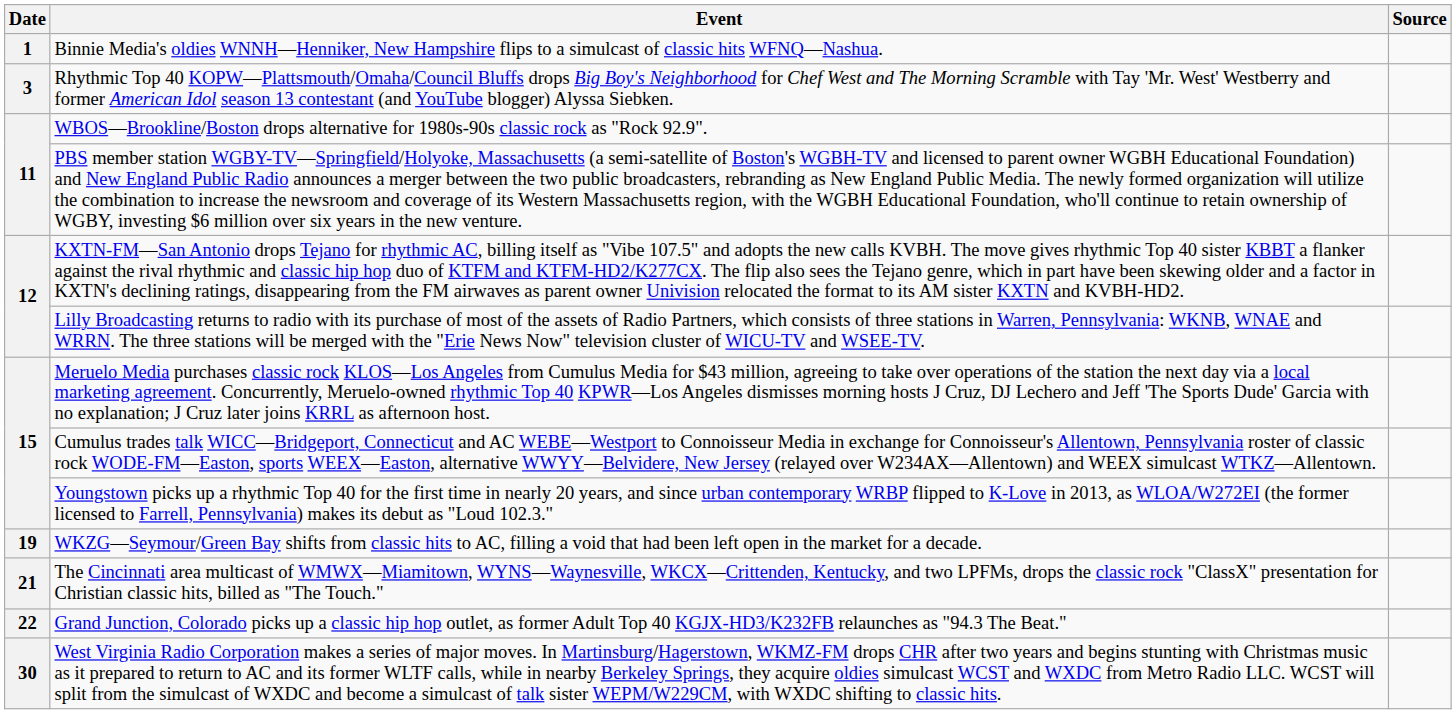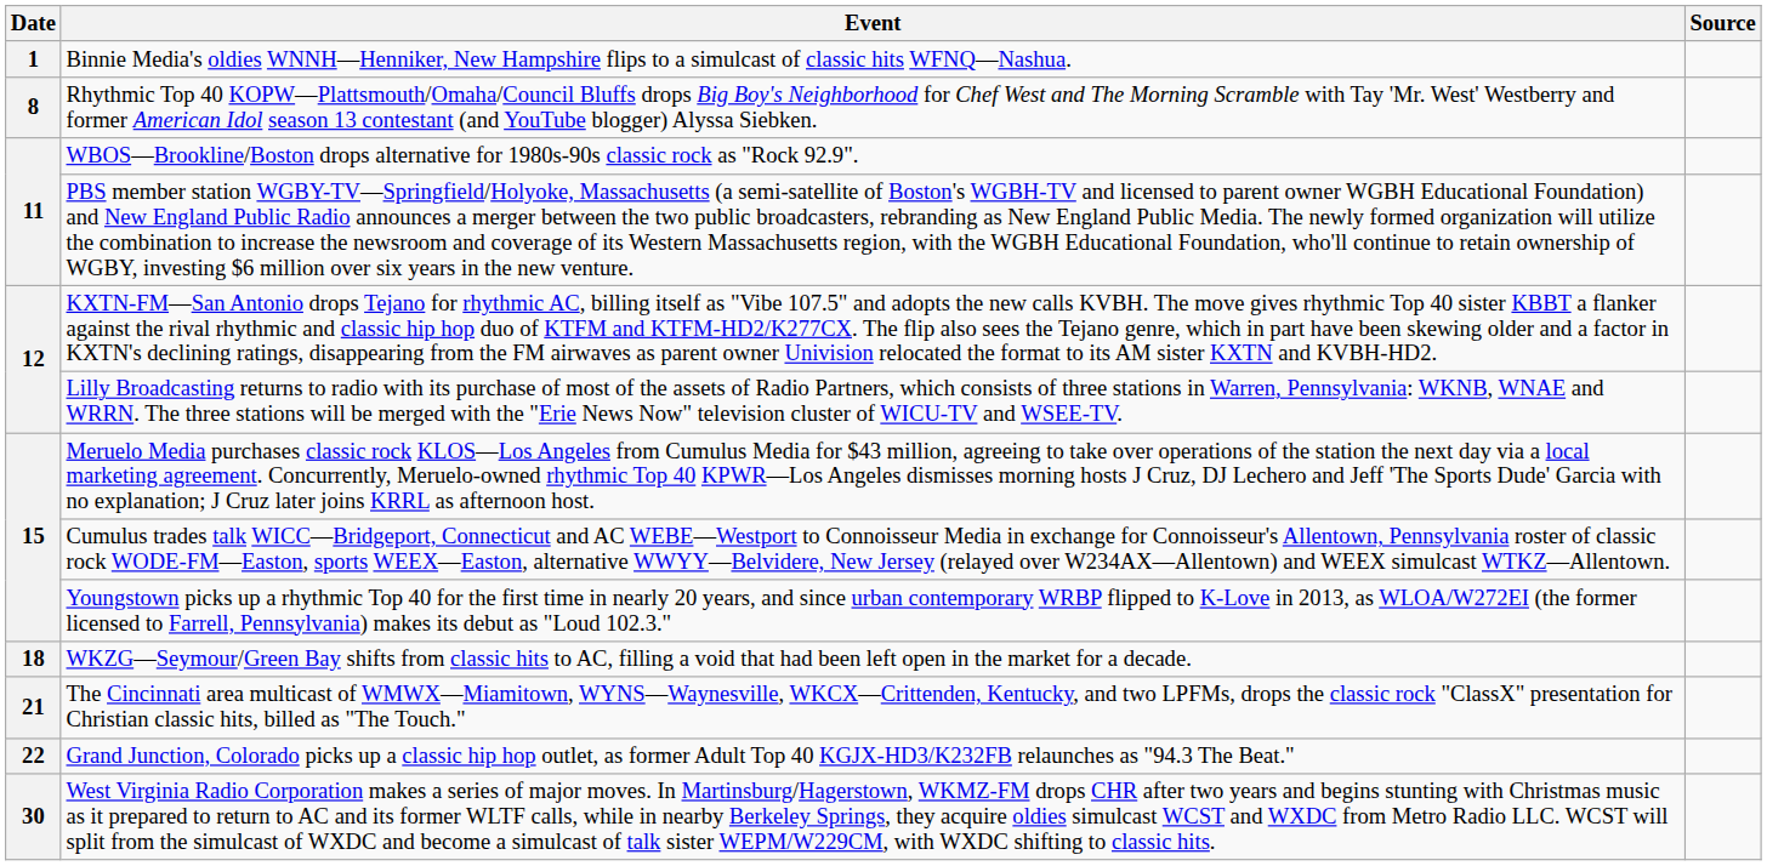 <table class=wikitable>
 <tr>
 <th>Date</th>
 <th>Event</th>
 <th>Source</th>
 </tr>
 <tr>
 <th>1</th>
 <td>Binnie Media's <a href='#'>oldies</a> <a href='#'>WNNH</a>—<a href='#'>Henniker, New Hampshire</a> flips to a simulcast of <a href='#'>classic hits</a> <a href='#'>WFNQ</a>—<a href='#'>Nashua</a>.</td>
 <td></td>
 </tr>
 <tr>
-<th>3</th>
+<th>8</th>
 <td>Rhythmic Top 40 <a href='#'>KOPW</a>—<a href='#'>Plattsmouth</a>/<a href='#'>Omaha</a>/<a href='#'>Council Bluffs</a> drops <em><a href='#'>Big Boy's Neighborhood</a></em> for <em>Chef West and The Morning Scramble</em> with Tay 'Mr. West' Westberry and former <em><a href='#'>American Idol</a></em> <a href='#'>season 13 contestant</a> (and <a href='#'>YouTube</a> blogger) Alyssa Siebken.</td>
 <td></td>
 </tr>
 <tr>
 <th rowspan=2>11</th>
 <td><a href='#'>WBOS</a>—<a href='#'>Brookline</a>/<a href='#'>Boston</a> drops alternative for 1980s-90s <a href='#'>classic rock</a> as "Rock 92.9".</td>
 <td></td>
 </tr>
 <tr>
 <td><a href='#'>PBS</a> member station <a href='#'>WGBY-TV</a>—<a href='#'>Springfield</a>/<a href='#'>Holyoke, Massachusetts</a> (a semi-satellite of <a href='#'>Boston</a>'s <a href='#'>WGBH-TV</a> and licensed to parent owner WGBH Educational Foundation) and <a href='#'>New England Public Radio</a> announces a merger between the two public broadcasters, rebranding as New England Public Media. The newly formed organization will utilize the combination to increase the newsroom and coverage of its Western Massachusetts region, with the WGBH Educational Foundation, who'll continue to retain ownership of WGBY, investing $6 million over six years in the new venture.</td>
 <td></td>
 </tr>
 <tr>
 <th rowspan=2>12</th>
 <td><a href='#'>KXTN-FM</a>—<a href='#'>San Antonio</a> drops <a href='#'>Tejano</a> for <a href='#'>rhythmic AC</a>, billing itself as "Vibe 107.5" and adopts the new calls KVBH. The move gives rhythmic Top 40 sister <a href='#'>KBBT</a> a flanker against the rival rhythmic and <a href='#'>classic hip hop</a> duo of <a href='#'>KTFM and KTFM-HD2/K277CX</a>. The flip also sees the Tejano genre, which in part have been skewing older and a factor in KXTN's declining ratings, disappearing from the FM airwaves as parent owner <a href='#'>Univision</a> relocated the format to its AM sister <a href='#'>KXTN</a> and KVBH-HD2.</td>
 <td></td>
 </tr>
 <tr>
 <td><a href='#'>Lilly Broadcasting</a> returns to radio with its purchase of most of the assets of Radio Partners, which consists of three stations in <a href='#'>Warren, Pennsylvania</a>: <a href='#'>WKNB</a>, <a href='#'>WNAE</a> and <a href='#'>WRRN</a>. The three stations will be merged with the "<a href='#'>Erie</a> News Now" television cluster of <a href='#'>WICU-TV</a> and <a href='#'>WSEE-TV</a>.</td>
 <td></td>
 </tr>
 <tr>
 <th rowspan="3">15</th>
 <td><a href='#'>Meruelo Media</a> purchases <a href='#'>classic rock</a> <a href='#'>KLOS</a>—<a href='#'>Los Angeles</a> from Cumulus Media for $43 million, agreeing to take over operations of the station the next day via a <a href='#'>local marketing agreement</a>. Concurrently, Meruelo-owned <a href='#'>rhythmic Top 40</a> <a href='#'>KPWR</a>—Los Angeles dismisses morning hosts J Cruz, DJ Lechero and Jeff 'The Sports Dude' Garcia with no explanation; J Cruz later joins <a href='#'>KRRL</a> as afternoon host.</td>
 <td></td>
 </tr>
 <tr>
 <td>Cumulus trades <a href='#'>talk</a> <a href='#'>WICC</a>—<a href='#'>Bridgeport, Connecticut</a> and AC <a href='#'>WEBE</a>—<a href='#'>Westport</a> to Connoisseur Media in exchange for Connoisseur's <a href='#'>Allentown, Pennsylvania</a> roster of classic rock <a href='#'>WODE-FM</a>—<a href='#'>Easton</a>, <a href='#'>sports</a> <a href='#'>WEEX</a>—<a href='#'>Easton</a>, alternative <a href='#'>WWYY</a>—<a href='#'>Belvidere, New Jersey</a> (relayed over W234AX—Allentown) and WEEX simulcast <a href='#'>WTKZ</a>—Allentown.</td>
 <td></td>
 </tr>
 <tr>
 <td><a href='#'>Youngstown</a> picks up a rhythmic Top 40 for the first time in nearly 20 years, and since <a href='#'>urban contemporary</a> <a href='#'>WRBP</a> flipped to <a href='#'>K-Love</a> in 2013, as <a href='#'>WLOA/W272EI</a> (the former licensed to <a href='#'>Farrell, Pennsylvania</a>) makes its debut as "Loud 102.3."</td>
 <td></td>
 </tr>
 <tr>
-<th>19</th>
+<th>18</th>
 <td><a href='#'>WKZG</a>—<a href='#'>Seymour</a>/<a href='#'>Green Bay</a> shifts from <a href='#'>classic hits</a> to AC, filling a void that had been left open in the market for a decade.</td>
 <td></td>
 </tr>
 <tr>
 <th>21</th>
 <td>The <a href='#'>Cincinnati</a> area multicast of <a href='#'>WMWX</a>—<a href='#'>Miamitown</a>, <a href='#'>WYNS</a>—<a href='#'>Waynesville</a>, <a href='#'>WKCX</a>—<a href='#'>Crittenden, Kentucky</a>, and two LPFMs, drops the <a href='#'>classic rock</a> "ClassX" presentation for Christian classic hits, billed as "The Touch."</td>
 <td></td>
 </tr>
 <tr>
 <th>22</th>
 <td><a href='#'>Grand Junction, Colorado</a> picks up a <a href='#'>classic hip hop</a> outlet, as former Adult Top 40 <a href='#'>KGJX-HD3/K232FB</a> relaunches as "94.3 The Beat."</td>
 <td></td>
 </tr>
 <tr>
 <th>30</th>
 <td><a href='#'>West Virginia Radio Corporation</a> makes a series of major moves. In <a href='#'>Martinsburg</a>/<a href='#'>Hagerstown</a>, <a href='#'>WKMZ-FM</a> drops <a href='#'>CHR</a> after two years and begins stunting with Christmas music as it prepared to return to AC and its former WLTF calls, while in nearby <a href='#'>Berkeley Springs</a>, they acquire <a href='#'>oldies</a> simulcast <a href='#'>WCST</a> and <a href='#'>WXDC</a> from Metro Radio LLC. WCST will split from the simulcast of WXDC and become a simulcast of <a href='#'>talk</a> sister <a href='#'>WEPM/W229CM</a>, with WXDC shifting to <a href='#'>classic hits</a>.</td>
 <td></td>
 </tr>
 </table>
